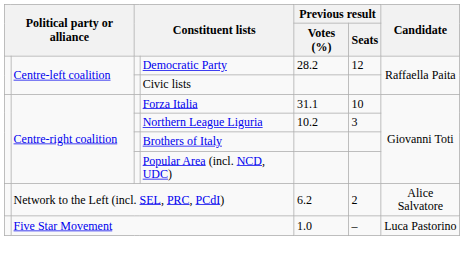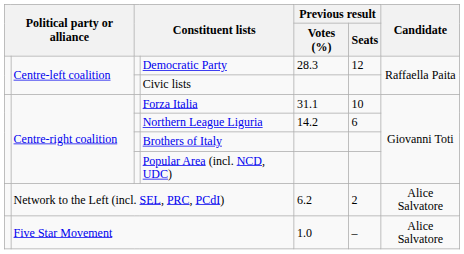 <table class="wikitable" style="text-align:left">
 <tr>
 <th colspan=2 rowspan="2">Political party or alliance</th>
 <th colspan=2 rowspan="2">Constituent lists</th>
 <th colspan="2">Previous result</th>
 <th rowspan="2">Candidate</th>
 </tr>
 <tr>
 <th>Votes (%)</th>
 <th>Seats</th>
 </tr>
 <tr>
 <td rowspan="2"></td>
 <td rowspan="2"><a href='#'>Centre-left coalition</a></td>
 <td></td>
 <td style="text-align:left;"><a href='#'>Democratic Party</a></td>
-<td>28.2</td>
+<td>28.3</td>
 <td>12</td>
 <td rowspan="2" style="text-align: center;">Raffaella Paita</td>
 </tr>
 <tr>
 <td></td>
 <td>Civic lists</td>
 <td></td>
 <td></td>
 </tr>
 <tr>
 <td rowspan="4" style="background:"></td>
 <td rowspan=4><a href='#'>Centre-right coalition</a></td>
 <td></td>
 <td><a href='#'>Forza Italia</a></td>
 <td>31.1</td>
 <td>10</td>
 <td rowspan="4" style="text-align: center;">Giovanni Toti</td>
 </tr>
 <tr>
 <td></td>
 <td style="text-align:left;"><a href='#'>Northern League Liguria</a></td>
-<td>10.2</td>
-<td>3</td>
+<td>14.2</td>
+<td>6</td>
 </tr>
 <tr>
 <td></td>
 <td style="text-align:left;"><a href='#'>Brothers of Italy</a></td>
 <td></td>
 <td></td>
 </tr>
 <tr>
 <td></td>
 <td style="text-align:left;"><a href='#'>Popular Area</a> (incl. <a href='#'>NCD</a>, <a href='#'>UDC</a>)</td>
 <td></td>
 <td></td>
 </tr>
 <tr>
 <td style="background-color:"></td>
 <td colspan="3">Network to the Left (incl. <a href='#'>SEL</a>, <a href='#'>PRC</a>, <a href='#'>PCdI</a>)</td>
 <td>6.2</td>
 <td>2</td>
 <td style="text-align: center;">Alice Salvatore</td>
 </tr>
 <tr>
 <td></td>
 <td colspan="3"><a href='#'>Five Star Movement</a></td>
 <td>1.0</td>
 <td>–</td>
-<td style="text-align: center;">Luca Pastorino</td>
+<td style="text-align: center;">Alice Salvatore</td>
 </tr>
 </table>
